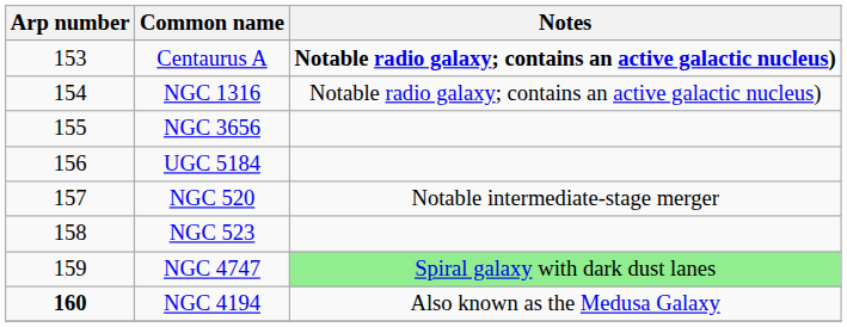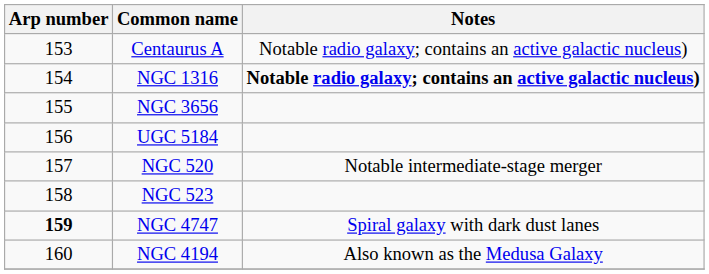 <table class="wikitable" style="text-align:center;">
 <tr>
 <th>Arp number</th>
 <th>Common name</th>
 <th>Notes</th>
 </tr>
 <tr>
 <td>153</td>
 <td><a href='#'>Centaurus A</a></td>
-<td><strong>Notable <a href='#'>radio galaxy</a>; contains an <a href='#'>active galactic nucleus</a>)</strong></td>
+<td>Notable <a href='#'>radio galaxy</a>; contains an <a href='#'>active galactic nucleus</a>)</td>
 </tr>
 <tr>
 <td>154</td>
 <td><a href='#'>NGC 1316</a></td>
-<td>Notable <a href='#'>radio galaxy</a>; contains an <a href='#'>active galactic nucleus</a>)</td>
+<td><strong>Notable <a href='#'>radio galaxy</a>; contains an <a href='#'>active galactic nucleus</a>)</strong></td>
 </tr>
 <tr>
 <td>155</td>
 <td><a href='#'>NGC 3656</a></td>
 <td></td>
 </tr>
 <tr>
 <td>156</td>
 <td><a href='#'>UGC 5184</a></td>
 <td></td>
 </tr>
 <tr>
 <td>157</td>
 <td><a href='#'>NGC 520</a></td>
 <td>Notable intermediate-stage merger</td>
 </tr>
 <tr>
 <td>158</td>
 <td><a href='#'>NGC 523</a></td>
 <td></td>
 </tr>
 <tr>
-<td>159</td>
+<td><strong>159</strong></td>
 <td><a href='#'>NGC 4747</a></td>
-<td style="background: lightgreen;"><a href='#'>Spiral galaxy</a> with dark dust lanes</td>
+<td><a href='#'>Spiral galaxy</a> with dark dust lanes</td>
 </tr>
 <tr>
-<td><strong>160</strong></td>
+<td>160</td>
 <td><a href='#'>NGC 4194</a></td>
 <td>Also known as the <a href='#'>Medusa Galaxy</a></td>
 </tr>
 <tr>
 </tr>
 </table>
